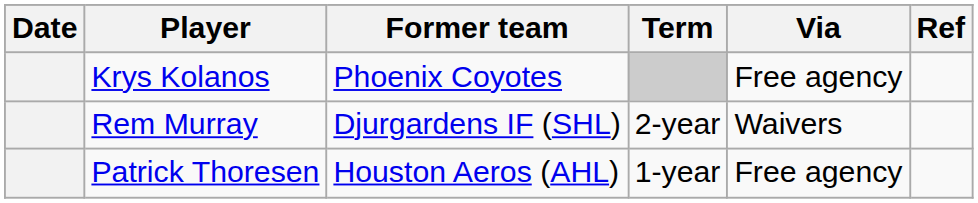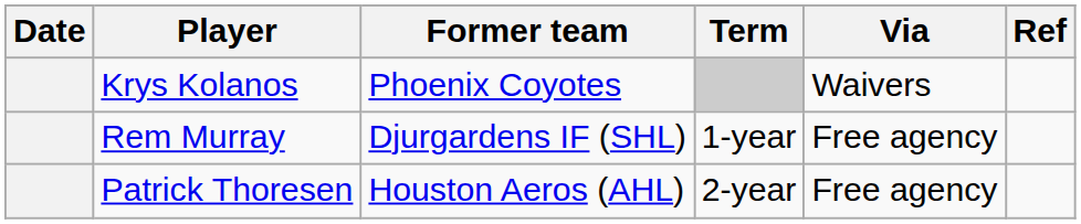 <table class="wikitable plainrowheaders">
 <tr style="background:#ddd; text-align:center;">
 <th>Date</th>
 <th>Player</th>
 <th>Former team</th>
 <th>Term</th>
 <th>Via</th>
 <th>Ref</th>
 </tr>
 <tr>
 <th scope="row"></th>
 <td><a href='#'>Krys Kolanos</a></td>
 <td><a href='#'>Phoenix Coyotes</a></td>
 <td style="background:#ccc"></td>
-<td>Free agency</td>
+<td>Waivers</td>
 <td></td>
 </tr>
 <tr>
 <th scope="row"></th>
 <td><a href='#'>Rem Murray</a></td>
 <td><a href='#'>Djurgardens IF</a> (<a href='#'>SHL</a>)</td>
-<td>2-year</td>
-<td>Waivers</td>
+<td>1-year</td>
+<td>Free agency</td>
 <td></td>
 </tr>
 <tr>
 <th scope="row"></th>
 <td><a href='#'>Patrick Thoresen</a></td>
 <td><a href='#'>Houston Aeros</a> (<a href='#'>AHL</a>)</td>
-<td>1-year</td>
+<td>2-year</td>
 <td>Free agency</td>
 <td></td>
 </tr>
 </table>
